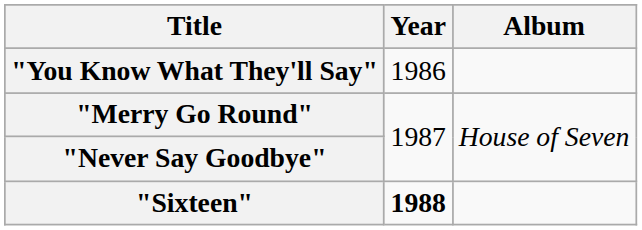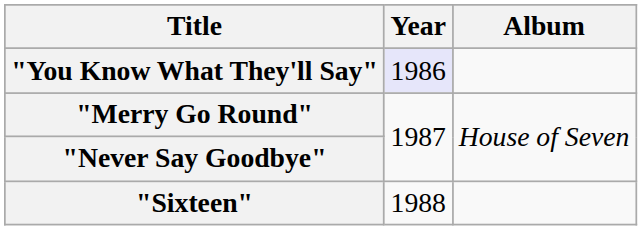 <table class="wikitable plainrowheaders" style="text-align:center;">
 <tr>
 <th>Title</th>
 <th>Year</th>
 <th>Album</th>
 </tr>
 <tr>
 <th scope="row">"You Know What They'll Say"</th>
-<td>1986</td>
+<td style="background: lavender;">1986</td>
 <td></td>
 </tr>
 <tr>
 <th scope="row">"Merry Go Round"</th>
 <td rowspan="2">1987</td>
 <td rowspan="2"><em>House of Seven</em></td>
 </tr>
 <tr>
 <th scope="row">"Never Say Goodbye"</th>
 </tr>
 <tr>
 <th scope="row">"Sixteen"</th>
-<td><strong>1988</strong></td>
+<td>1988</td>
 <td></td>
 </tr>
 </table>
